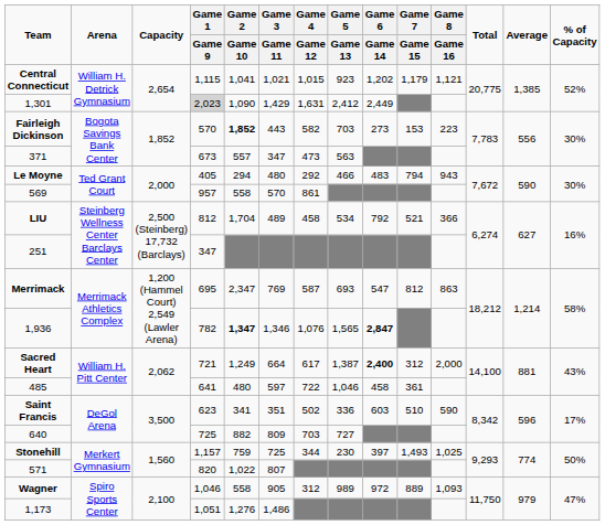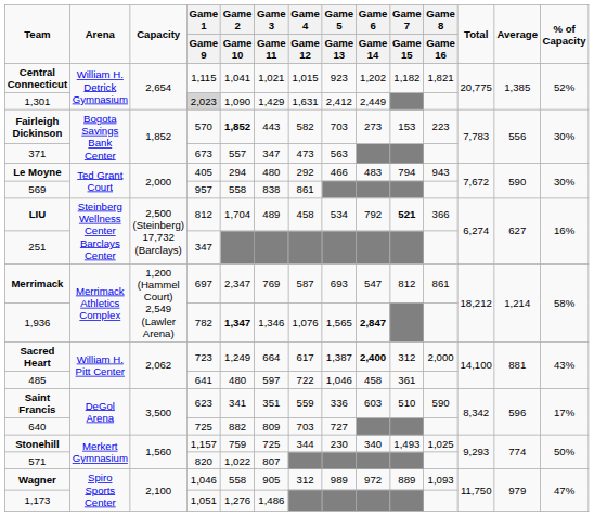 <table class="wikitable sortable" style="text-align:center; font-size:80%;">
 <tr>
 <td rowspan=2><strong>Team</strong></td>
 <td rowspan=2><strong>Arena</strong></td>
 <td rowspan=2><strong>Capacity</strong></td>
 <th>Game 1</th>
 <th>Game<br>2</th>
 <th>Game 3</th>
 <th>Game 4</th>
 <th>Game 5</th>
 <th>Game 6</th>
 <th>Game<br>7</th>
 <th>Game 8</th>
 <td rowspan=2><strong>Total</strong></td>
 <td rowspan=2><strong>Average</strong></td>
 <td rowspan=2><strong>% of Capacity</strong></td>
 </tr>
 <tr>
 <th>Game 9</th>
 <th>Game 10</th>
 <th>Game 11</th>
 <th>Game 12</th>
 <th>Game 13</th>
 <th>Game 14</th>
 <th>Game 15</th>
 <th>Game 16</th>
 </tr>
 <tr>
 <td style="position: sticky; left: 0; "><strong>Central Connecticut</strong></td>
 <td rowspan=2><a href='#'>William H. Detrick Gymnasium</a></td>
 <td rowspan=2>2,654</td>
 <td>1,115</td>
 <td>1,041</td>
 <td>1,021</td>
 <td>1,015</td>
 <td>923</td>
 <td>1,202</td>
-<td>1,179</td>
-<td>1,121</td>
+<td>1,182</td>
+<td>1,821</td>
 <td rowspan=2>20,775</td>
 <td rowspan=2>1,385</td>
 <td rowspan=2>52%</td>
 </tr>
 <tr>
 <td>1,301</td>
 <td style="background: lightgrey;">2,023</td>
 <td>1,090</td>
 <td>1,429</td>
 <td>1,631</td>
 <td>2,412</td>
 <td>2,449</td>
 <td style="background:#808080;"></td>
 </tr>
 <tr>
 <td style="position: sticky; left: 0; "><strong>Fairleigh Dickinson</strong></td>
 <td rowspan=2><a href='#'>Bogota Savings Bank Center</a></td>
 <td rowspan=2>1,852</td>
 <td>570</td>
 <td><strong>1,852</strong></td>
 <td>443</td>
 <td>582</td>
 <td>703</td>
 <td>273</td>
 <td>153</td>
 <td>223</td>
 <td rowspan=2>7,783</td>
 <td rowspan=2>556</td>
 <td rowspan=2>30%</td>
 </tr>
 <tr>
 <td>371</td>
 <td>673</td>
 <td>557</td>
 <td>347</td>
 <td>473</td>
 <td>563</td>
 <td style="background:#808080;"></td>
 <td style="background:#808080;"></td>
 </tr>
 <tr>
 <td style="position: sticky; left: 0; "><strong>Le Moyne</strong></td>
 <td rowspan=2><a href='#'>Ted Grant Court</a></td>
 <td rowspan=2>2,000</td>
 <td>405</td>
 <td>294</td>
 <td>480</td>
 <td>292</td>
 <td>466</td>
 <td>483</td>
 <td>794</td>
 <td>943</td>
 <td rowspan=2>7,672</td>
 <td rowspan=2>590</td>
 <td rowspan=2>30%</td>
 </tr>
 <tr>
 <td>569</td>
 <td>957</td>
 <td>558</td>
-<td>570</td>
+<td>838</td>
 <td>861</td>
 <td style="background:#808080;"></td>
 <td style="background:#808080;"></td>
 <td style="background:#808080;"></td>
 </tr>
 <tr>
 <td style="position: sticky; left: 0; "><strong>LIU</strong></td>
 <td rowspan=2><a href='#'>Steinberg Wellness Center</a><br><a href='#'>Barclays Center</a></td>
 <td rowspan=2>2,500 (Steinberg)<br>17,732 (Barclays)</td>
 <td>812</td>
 <td>1,704</td>
 <td>489</td>
 <td>458</td>
 <td>534</td>
 <td>792</td>
-<td>521</td>
+<td><strong>521</strong></td>
 <td>366</td>
 <td rowspan=2>6,274</td>
 <td rowspan=2>627</td>
 <td rowspan=2>16%</td>
 </tr>
 <tr>
 <td>251</td>
 <td>347</td>
 <td style="background:#808080;"></td>
 <td style="background:#808080;"></td>
 <td style="background:#808080;"></td>
 <td style="background:#808080;"></td>
 <td style="background:#808080;"></td>
 <td style="background:#808080;"></td>
 </tr>
 <tr>
 <td style="position: sticky; left: 0; "><strong>Merrimack</strong></td>
 <td rowspan=2><a href='#'>Merrimack Athletics Complex</a></td>
 <td rowspan=2>1,200 (Hammel Court)<br>2,549 (Lawler Arena)</td>
-<td>695</td>
+<td>697</td>
 <td>2,347</td>
 <td>769</td>
 <td>587</td>
 <td>693</td>
 <td>547</td>
 <td>812</td>
-<td>863</td>
+<td>861</td>
 <td rowspan=2>18,212</td>
 <td rowspan=2>1,214</td>
 <td rowspan=2>58%</td>
 </tr>
 <tr>
 <td>1,936</td>
 <td>782</td>
 <td><strong>1,347</strong></td>
 <td>1,346</td>
 <td>1,076</td>
 <td>1,565</td>
 <td><strong>2,847</strong></td>
 <td style="background:#808080;"></td>
 </tr>
 <tr>
 <td style="position: sticky; left: 0; "><strong>Sacred Heart</strong></td>
 <td rowspan=2><a href='#'>William H. Pitt Center</a></td>
 <td rowspan=2>2,062</td>
-<td>721</td>
+<td>723</td>
 <td>1,249</td>
 <td>664</td>
 <td>617</td>
 <td>1,387</td>
 <td><strong>2,400</strong></td>
 <td>312</td>
 <td>2,000</td>
 <td rowspan=2>14,100</td>
 <td rowspan=2>881</td>
 <td rowspan=2>43%</td>
 </tr>
 <tr>
 <td>485</td>
 <td>641</td>
 <td>480</td>
 <td>597</td>
 <td>722</td>
 <td>1,046</td>
 <td>458</td>
 <td>361</td>
 </tr>
 <tr>
 <td style="position: sticky; left: 0; "><strong>Saint Francis</strong></td>
 <td rowspan=2><a href='#'>DeGol Arena</a></td>
 <td rowspan=2>3,500</td>
 <td>623</td>
 <td>341</td>
 <td>351</td>
-<td>502</td>
+<td>559</td>
 <td>336</td>
 <td>603</td>
 <td>510</td>
 <td>590</td>
 <td rowspan=2>8,342</td>
 <td rowspan=2>596</td>
 <td rowspan=2>17%</td>
 </tr>
 <tr>
 <td>640</td>
 <td>725</td>
 <td>882</td>
 <td>809</td>
 <td>703</td>
 <td>727</td>
 <td style="background:#808080;"></td>
 <td style="background:#808080;"></td>
 </tr>
 <tr>
 <td style="position: sticky; left: 0; "><strong>Stonehill</strong></td>
 <td rowspan=2><a href='#'>Merkert Gymnasium</a></td>
 <td rowspan=2>1,560</td>
 <td>1,157</td>
 <td>759</td>
 <td>725</td>
 <td>344</td>
 <td>230</td>
-<td>397</td>
+<td>340</td>
 <td>1,493</td>
 <td>1,025</td>
 <td rowspan=2>9,293</td>
 <td rowspan=2>774</td>
 <td rowspan=2>50%</td>
 </tr>
 <tr>
 <td>571</td>
 <td>820</td>
 <td>1,022</td>
 <td>807</td>
 <td style="background:#808080;"></td>
 <td style="background:#808080;"></td>
 <td style="background:#808080;"></td>
 <td style="background:#808080;"></td>
 </tr>
 <tr>
 <td style="position: sticky; left: 0; "><strong>Wagner</strong></td>
 <td rowspan=2><a href='#'>Spiro Sports Center</a></td>
 <td rowspan=2>2,100</td>
 <td>1,046</td>
 <td>558</td>
 <td>905</td>
 <td>312</td>
 <td>989</td>
 <td>972</td>
 <td>889</td>
 <td>1,093</td>
 <td rowspan=2>11,750</td>
 <td rowspan=2>979</td>
 <td rowspan=2>47%</td>
 </tr>
 <tr>
 <td>1,173</td>
 <td>1,051</td>
 <td>1,276</td>
 <td>1,486</td>
 <td style="background:#808080;"></td>
 <td style="background:#808080;"></td>
 <td style="background:#808080;"></td>
 <td style="background:#808080;"></td>
 </tr>
 </table>
